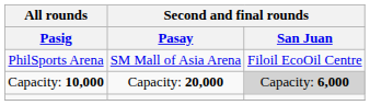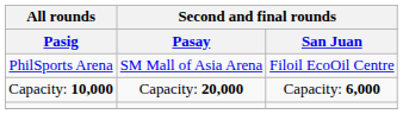 <table class="wikitable" style="text-align:center">
 <tr>
 <th colspan=2>All rounds</th>
 <th colspan=2>Second and final rounds</th>
 </tr>
 <tr>
 <th colspan=2><a href='#'>Pasig</a></th>
 <th><a href='#'>Pasay</a></th>
 <th><a href='#'>San Juan</a></th>
 </tr>
 <tr>
 <td colspan=2><a href='#'>PhilSports Arena</a></td>
 <td><a href='#'>SM Mall of Asia Arena</a></td>
 <td><a href='#'>Filoil EcoOil Centre</a></td>
 </tr>
 <tr>
 <td colspan=2>Capacity: <strong>10,000</strong></td>
 <td>Capacity: <strong>20,000</strong></td>
-<td style="background: lightgrey;">Capacity: <strong>6,000</strong></td>
+<td>Capacity: <strong>6,000</strong></td>
 </tr>
 <tr>
 <td colspan=2></td>
 <td></td>
 <td></td>
 </tr>
 <tr>
 </tr>
 </table>
